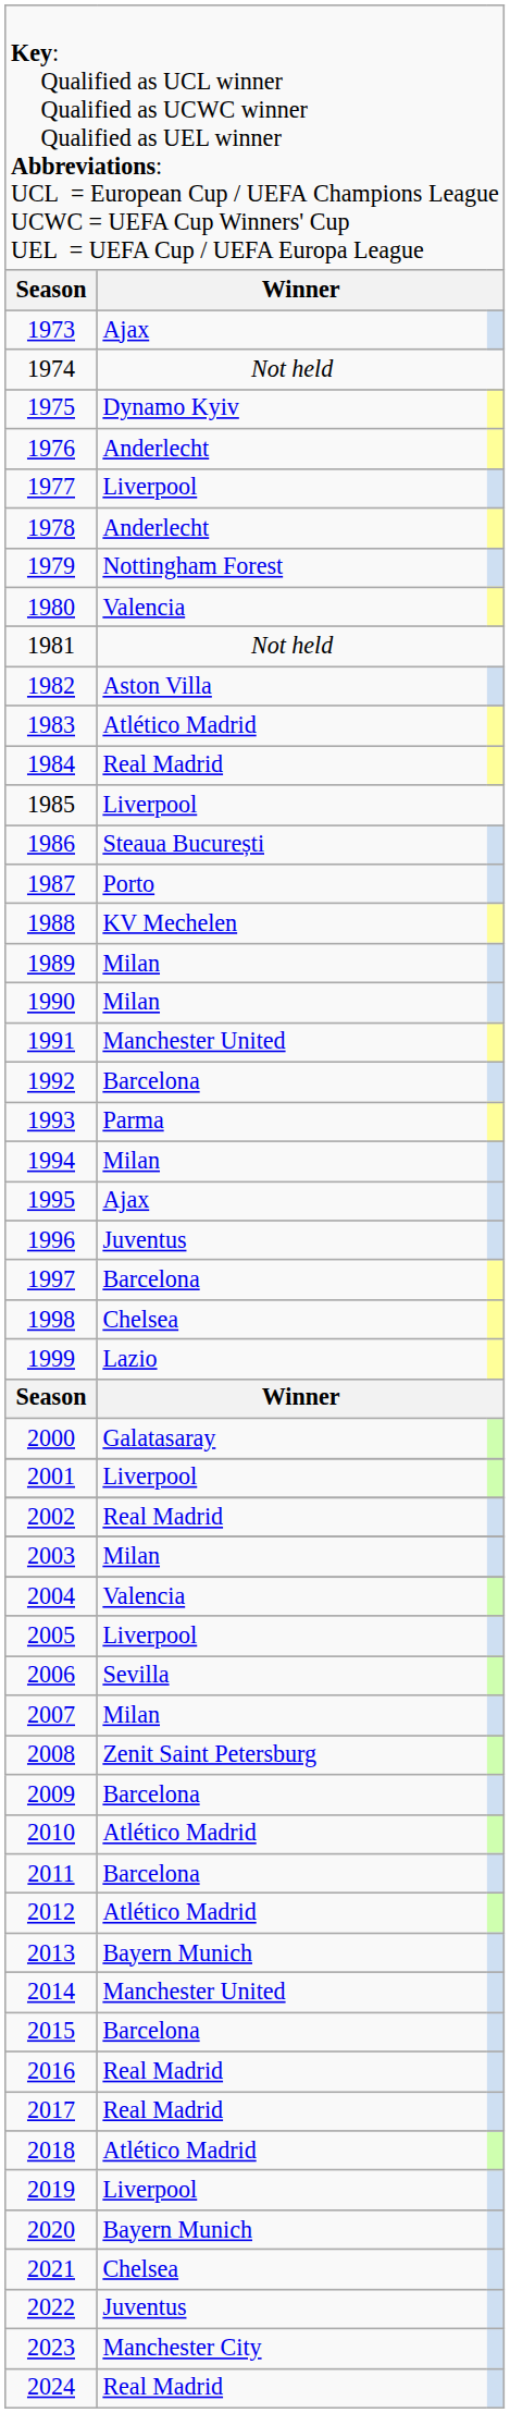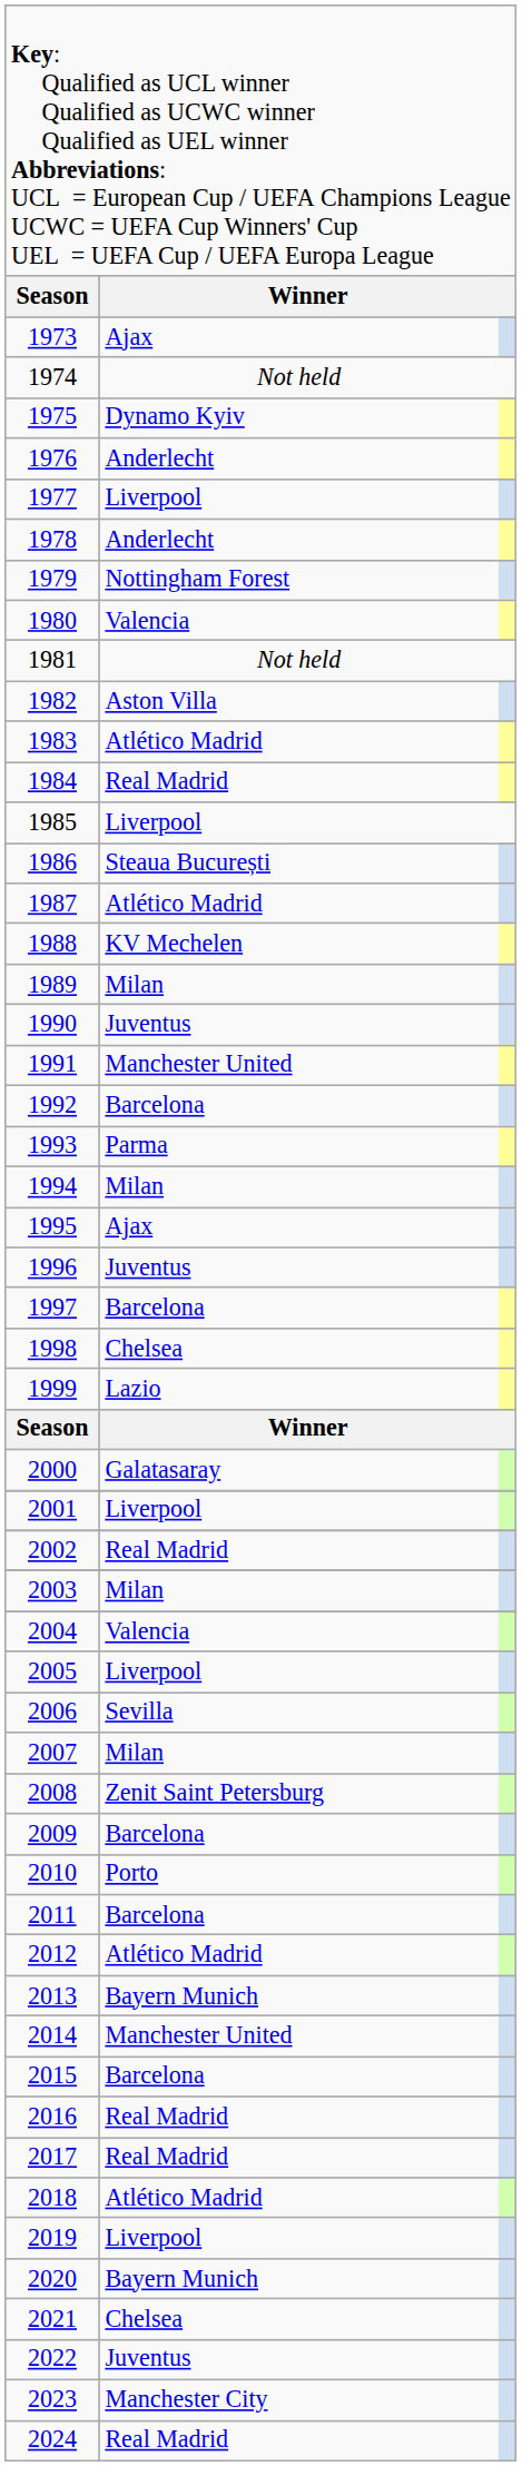 <table class="wikitable floatright" style="text-align:left; margin-top:15px; font-size:85%">
 <tr>
 <td colspan=3 align="left"><br><div><strong>Key</strong>:<br><span>    </span> Qualified as UCL winner<br> <span>    </span> Qualified as UCWC winner<br> <span>    </span> Qualified as UEL winner</div> <div><strong>Abbreviations</strong>:<br>UCL  = European Cup / UEFA Champions League<br> UCWC = UEFA Cup Winners' Cup<br> UEL  = UEFA Cup / UEFA Europa League</div></td>
 </tr>
 <tr>
 <th>Season</th>
 <th colspan=2 style="width:200px">Winner<br></th>
 </tr>
 <tr>
 <td style="text-align:center"><a href='#'>1973</a></td>
 <td style="border-right-style:hidden"> <a href='#'>Ajax</a></td>
 <td style="background-color:#cedff2; width=2px"></td>
 </tr>
 <tr>
 <td style="text-align:center">1974</td>
 <td style="text-align:center; border-right-style:hidden;"><em>Not held</em></td>
 <td></td>
 </tr>
 <tr>
 <td style="text-align:center"><a href='#'>1975</a></td>
 <td style="border-right-style:hidden"> <a href='#'>Dynamo Kyiv</a></td>
 <td style="background-color:#FFFF99; width=2px"></td>
 </tr>
 <tr>
 <td style="text-align:center"><a href='#'>1976</a></td>
 <td style="border-right-style:hidden"> <a href='#'>Anderlecht</a></td>
 <td style="background-color:#FFFF99; width=2px"></td>
 </tr>
 <tr>
 <td style="text-align:center"><a href='#'>1977</a></td>
 <td style="border-right-style:hidden"> <a href='#'>Liverpool</a></td>
 <td style="background-color:#cedff2; width=2px"></td>
 </tr>
 <tr>
 <td style="text-align:center"><a href='#'>1978</a></td>
 <td style="border-right-style:hidden"> <a href='#'>Anderlecht</a> </td>
 <td style="background-color:#FFFF99; width=2px"></td>
 </tr>
 <tr>
 <td style="text-align:center"><a href='#'>1979</a></td>
 <td style="border-right-style:hidden"> <a href='#'>Nottingham Forest</a></td>
 <td style="background-color:#cedff2; width=2px"></td>
 </tr>
 <tr>
 <td style="text-align:center"><a href='#'>1980</a></td>
 <td style="border-right-style:hidden"> <a href='#'>Valencia</a></td>
 <td style="background-color:#FFFF99; width=2px"></td>
 </tr>
 <tr>
 <td style="text-align:center">1981</td>
 <td style="text-align:center; border-right-style:hidden;"><em>Not held</em></td>
 <td></td>
 </tr>
 <tr>
 <td style="text-align:center"><a href='#'>1982</a></td>
 <td style="border-right-style:hidden"> <a href='#'>Aston Villa</a></td>
 <td style="background-color:#cedff2; width=2px"></td>
 </tr>
 <tr>
 <td style="text-align:center"><a href='#'>1983</a></td>
 <td style="border-right-style:hidden"> <a href='#'>Atlético Madrid</a> </td>
 <td style="background-color:#FFFF99; width=2px"></td>
 </tr>
 <tr>
 <td style="text-align:center"><a href='#'>1984</a></td>
 <td style="border-right-style:hidden"> <a href='#'>Real Madrid</a> </td>
 <td style="background-color:#FFFF99; width=2px"></td>
 </tr>
 <tr>
 <td style="text-align:center">1985</td>
 <td style="border-right-style:hidden"> <a href='#'>Liverpool</a> </td>
 <td></td>
 </tr>
 <tr>
 <td style="text-align:center"><a href='#'>1986</a></td>
 <td style="border-right-style:hidden"> <a href='#'>Steaua București</a></td>
 <td style="background-color:#cedff2; width=2px"></td>
 </tr>
 <tr>
 <td style="text-align:center"><a href='#'>1987</a></td>
-<td style="border-right-style:hidden"> <a href='#'>Porto</a></td>
+<td style="border-right-style:hidden"> <a href='#'>Atlético Madrid</a></td>
 <td style="background-color:#cedff2; width=2px"></td>
 </tr>
 <tr>
 <td style="text-align:center"><a href='#'>1988</a></td>
 <td style="border-right-style:hidden"> <a href='#'>KV Mechelen</a></td>
 <td style="background-color:#FFFF99; width=2px"></td>
 </tr>
 <tr>
 <td style="text-align:center"><a href='#'>1989</a></td>
 <td style="border-right-style:hidden"> <a href='#'>Milan</a></td>
 <td style="background-color:#cedff2; width=2px"></td>
 </tr>
 <tr>
 <td style="text-align:center"><a href='#'>1990</a></td>
-<td style="border-right-style:hidden"> <a href='#'>Milan</a> </td>
+<td style="border-right-style:hidden"> <a href='#'>Juventus</a></td>
 <td style="background-color:#cedff2; width=2px"></td>
 </tr>
 <tr>
 <td style="text-align:center"><a href='#'>1991</a></td>
 <td style="border-right-style:hidden"> <a href='#'>Manchester United</a></td>
 <td style="background-color:#FFFF99; width=2px"></td>
 </tr>
 <tr>
 <td style="text-align:center"><a href='#'>1992</a></td>
 <td style="border-right-style:hidden"> <a href='#'>Barcelona</a></td>
 <td style="background-color:#cedff2; width=2px"></td>
 </tr>
 <tr>
 <td style="text-align:center"><a href='#'>1993</a></td>
 <td style="border-right-style:hidden"> <a href='#'>Parma</a></td>
 <td style="background-color:#FFFF99; width=2px"></td>
 </tr>
 <tr>
 <td style="text-align:center"><a href='#'>1994</a></td>
 <td style="border-right-style:hidden"> <a href='#'>Milan</a> </td>
 <td style="background-color:#cedff2; width=2px"></td>
 </tr>
 <tr>
 <td style="text-align:center"><a href='#'>1995</a></td>
 <td style="border-right-style:hidden"> <a href='#'>Ajax</a> </td>
 <td style="background-color:#cedff2; width=2px"></td>
 </tr>
 <tr>
 <td style="text-align:center"><a href='#'>1996</a></td>
 <td style="border-right-style:hidden"> <a href='#'>Juventus</a> </td>
 <td style="background-color:#cedff2; width=2px"></td>
 </tr>
 <tr>
 <td style="text-align:center"><a href='#'>1997</a></td>
 <td style="border-right-style:hidden"> <a href='#'>Barcelona</a> </td>
 <td style="background-color:#FFFF99; width=2px"></td>
 </tr>
 <tr>
 <td style="text-align:center"><a href='#'>1998</a></td>
 <td style="border-right-style:hidden"> <a href='#'>Chelsea</a></td>
 <td style="background-color:#FFFF99; width=2px"></td>
 </tr>
 <tr>
 <td style="text-align:center"><a href='#'>1999</a></td>
 <td style="border-right-style:hidden"> <a href='#'>Lazio</a></td>
 <td style="background-color:#FFFF99; width=2px"></td>
 </tr>
 <tr>
 <th>Season</th>
 <th colspan=2  style="width:180px">Winner<br></th>
 </tr>
 <tr>
 <td style="text-align:center"><a href='#'>2000</a></td>
 <td style="border-right-style:hidden"> <a href='#'>Galatasaray</a></td>
 <td style="background-color:#cfffaf; width=2px"></td>
 </tr>
 <tr>
 </tr>
 <tr>
 <td style="text-align:center"><a href='#'>2001</a></td>
 <td style="border-right-style:hidden"> <a href='#'>Liverpool</a> </td>
 <td style="background-color:#cfffaf; width=2px"></td>
 </tr>
 <tr>
 </tr>
 <tr>
 <td style="text-align:center"><a href='#'>2002</a></td>
 <td style="border-right-style:hidden"> <a href='#'>Real Madrid</a></td>
 <td style="background-color:#cedff2; width=2px"></td>
 </tr>
 <tr>
 </tr>
 <tr>
 <td style="text-align:center"><a href='#'>2003</a></td>
 <td style="border-right-style:hidden"> <a href='#'>Milan</a> </td>
 <td style="background-color:#cedff2; width=2px"></td>
 </tr>
 <tr>
 </tr>
 <tr>
 <td style="text-align:center"><a href='#'>2004</a></td>
 <td style="border-right-style:hidden"> <a href='#'>Valencia</a> </td>
 <td style="background-color:#cfffaf; width=2px"></td>
 </tr>
 <tr>
 <td style="text-align:center"><a href='#'>2005</a></td>
 <td style="border-right-style:hidden"> <a href='#'>Liverpool</a> </td>
 <td style="background-color:#cedff2; width=2px"></td>
 </tr>
 <tr>
 <td style="text-align:center"><a href='#'>2006</a></td>
 <td style="border-right-style:hidden"> <a href='#'>Sevilla</a></td>
 <td style="background-color:#cfffaf; width=2px"></td>
 </tr>
 <tr>
 <td style="text-align:center"><a href='#'>2007</a></td>
 <td style="border-right-style:hidden"> <a href='#'>Milan</a> </td>
 <td style="background-color:#cedff2; width=2px"></td>
 </tr>
 <tr>
 <td style="text-align:center"><a href='#'>2008</a></td>
 <td style="border-right-style:hidden"> <a href='#'>Zenit Saint Petersburg</a></td>
 <td style="background-color:#cfffaf; width=2px"></td>
 </tr>
 <tr>
 <td style="text-align:center"><a href='#'>2009</a></td>
 <td style="border-right-style:hidden"> <a href='#'>Barcelona</a> </td>
 <td style="background-color:#cedff2; width=2px"></td>
 </tr>
 <tr>
 <td style="text-align:center"><a href='#'>2010</a></td>
-<td style="border-right-style:hidden"> <a href='#'>Atlético Madrid</a></td>
+<td style="border-right-style:hidden"> <a href='#'>Porto</a></td>
 <td style="background-color:#cfffaf; width=2px"></td>
 </tr>
 <tr>
 <td style="text-align:center"><a href='#'>2011</a></td>
 <td style="border-right-style:hidden"> <a href='#'>Barcelona</a> </td>
 <td style="background-color:#cedff2; width=2px"></td>
 </tr>
 <tr>
 <td style="text-align:center"><a href='#'>2012</a></td>
 <td style="border-right-style:hidden"> <a href='#'>Atlético Madrid</a> </td>
 <td style="background-color:#cfffaf; width=2px"></td>
 </tr>
 <tr>
 <td style="text-align:center"><a href='#'>2013</a></td>
 <td style="border-right-style:hidden"> <a href='#'>Bayern Munich</a></td>
 <td style="background-color:#cedff2; width=2px"></td>
 </tr>
 <tr>
 <td style="text-align:center"><a href='#'>2014</a></td>
 <td style="border-right-style:hidden"> <a href='#'>Manchester United</a></td>
 <td style="background-color:#cedff2; width=2px"></td>
 </tr>
 <tr>
 <td style="text-align:center"><a href='#'>2015</a></td>
 <td style="border-right-style:hidden"> <a href='#'>Barcelona</a> </td>
 <td style="background-color:#cedff2; width=2px"></td>
 </tr>
 <tr>
 <td style="text-align:center"><a href='#'>2016</a></td>
 <td style="border-right-style:hidden"> <a href='#'>Real Madrid</a> </td>
 <td style="background-color:#cedff2; width=2px"></td>
 </tr>
 <tr>
 <td style="text-align:center"><a href='#'>2017</a></td>
 <td style="border-right-style:hidden"> <a href='#'>Real Madrid</a> </td>
 <td style="background-color:#cedff2; width=2px"></td>
 </tr>
 <tr>
 <td style="text-align:center"><a href='#'>2018</a></td>
 <td style="border-right-style:hidden"> <a href='#'>Atlético Madrid</a> </td>
 <td style="background-color:#cfffaf; width=2px"></td>
 </tr>
 <tr>
 <td style="text-align:center"><a href='#'>2019</a></td>
 <td style="border-right-style:hidden"> <a href='#'>Liverpool</a> </td>
 <td style="background-color:#cedff2; width=2px"></td>
 </tr>
 <tr>
 <td style="text-align:center"><a href='#'>2020</a></td>
 <td style="border-right-style:hidden"> <a href='#'>Bayern Munich</a> </td>
 <td style="background-color:#cedff2; width=2px"></td>
 </tr>
 <tr>
 <td style="text-align:center"><a href='#'>2021</a></td>
 <td style="border-right-style:hidden"> <a href='#'>Chelsea</a> </td>
 <td style="background-color:#cedff2; width=2px"></td>
 </tr>
 <tr>
 <td style="text-align:center"><a href='#'>2022</a></td>
 <td style="border-right-style:hidden"> <a href='#'>Juventus</a></td>
 <td style="background-color:#cedff2; width=2px"></td>
 </tr>
 <tr>
 <td style="text-align:center"><a href='#'>2023</a></td>
 <td style="border-right-style:hidden"> <a href='#'>Manchester City</a></td>
 <td style="background-color:#cedff2; width=2px"></td>
 </tr>
 <tr>
 <td style="text-align:center"><a href='#'>2024</a></td>
 <td style="border-right-style:hidden"> <a href='#'>Real Madrid</a> </td>
 <td style="background-color:#cedff2; width=2px"></td>
 </tr>
 </table>
